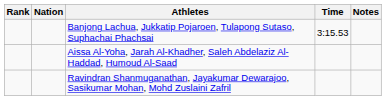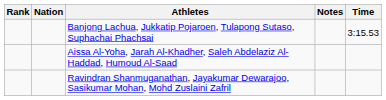 <table class="wikitable sortable" style="text-align:center;font-size:95%">
 <tr>
 <th>Rank</th>
 <th>Nation</th>
 <th>Athletes</th>
+<th>Notes</th>
 <th>Time</th>
-<th>Notes</th>
 </tr>
 <tr>
 <td></td>
 <td align=left></td>
 <td align=left><a href='#'>Banjong Lachua</a>, <a href='#'>Jukkatip Pojaroen</a>, <a href='#'>Tulapong Sutaso</a>, <a href='#'>Suphachai Phachsai</a></td>
+<td></td>
 <td>3:15.53</td>
-<td></td>
 </tr>
 <tr>
 <td></td>
 <td align=left></td>
 <td align=left><a href='#'>Aissa Al-Yoha</a>, <a href='#'>Jarah Al-Khadher</a>, <a href='#'>Saleh Abdelaziz Al-Haddad</a>, <a href='#'>Humoud Al-Saad</a></td>
 <td></td>
 <td></td>
 </tr>
 <tr>
 <td></td>
 <td align=left></td>
 <td align=left><a href='#'>Ravindran Shanmuganathan</a>, <a href='#'>Jayakumar Dewarajoo</a>, <a href='#'>Sasikumar Mohan</a>, <a href='#'>Mohd Zuslaini Zafril</a></td>
 <td></td>
 <td></td>
 </tr>
 </table>
